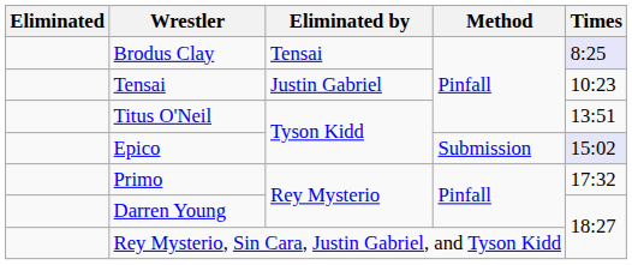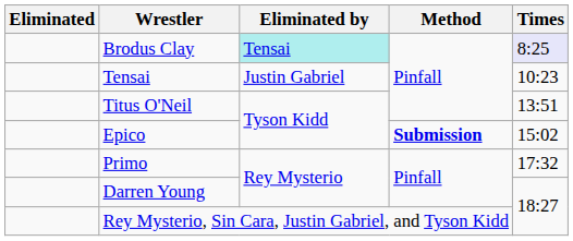 <table class="wikitable sortable">
 <tr>
 <th>Eliminated</th>
 <th>Wrestler</th>
 <th>Eliminated by</th>
 <th>Method</th>
 <th>Times</th>
 </tr>
 <tr>
 <td></td>
 <td><a href='#'>Brodus Clay</a></td>
-<td><a href='#'>Tensai</a></td>
+<td style="background: paleturquoise;"><a href='#'>Tensai</a></td>
 <td rowspan=3><a href='#'>Pinfall</a></td>
 <td style="background: lavender;">8:25</td>
 </tr>
 <tr>
 <td></td>
 <td><a href='#'>Tensai</a></td>
 <td><a href='#'>Justin Gabriel</a></td>
 <td>10:23</td>
 </tr>
 <tr>
 <td></td>
 <td><a href='#'>Titus O'Neil</a></td>
 <td rowspan=2><a href='#'>Tyson Kidd</a></td>
 <td>13:51</td>
 </tr>
 <tr>
 <td></td>
 <td><a href='#'>Epico</a></td>
-<td><a href='#'>Submission</a></td>
-<td style="background: lavender;">15:02</td>
+<td><strong><a href='#'>Submission</a></strong></td>
+<td>15:02</td>
 </tr>
 <tr>
 <td></td>
 <td><a href='#'>Primo</a></td>
 <td rowspan=2><a href='#'>Rey Mysterio</a></td>
 <td rowspan=2><a href='#'>Pinfall</a></td>
 <td>17:32</td>
 </tr>
 <tr>
 <td></td>
 <td><a href='#'>Darren Young</a></td>
 <td rowspan=2>18:27</td>
 </tr>
 <tr>
 <td></td>
 <td colspan="3"><a href='#'>Rey Mysterio</a>, <a href='#'>Sin Cara</a>, <a href='#'>Justin Gabriel</a>, and <a href='#'>Tyson Kidd</a></td>
 </tr>
 </table>
